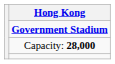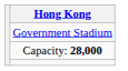 <table class="wikitable" style="text-align:center">
 <tr>
 <th rowspan=4></th>
 <th><a href='#'>Hong Kong</a></th>
 </tr>
 <tr>
-<td><strong><a href='#'>Government Stadium</a></strong></td>
+<td><a href='#'>Government Stadium</a></td>
 </tr>
 <tr>
 <td>Capacity: <strong>28,000</strong></td>
 </tr>
 <tr>
 <td></td>
 </tr>
 </table>
